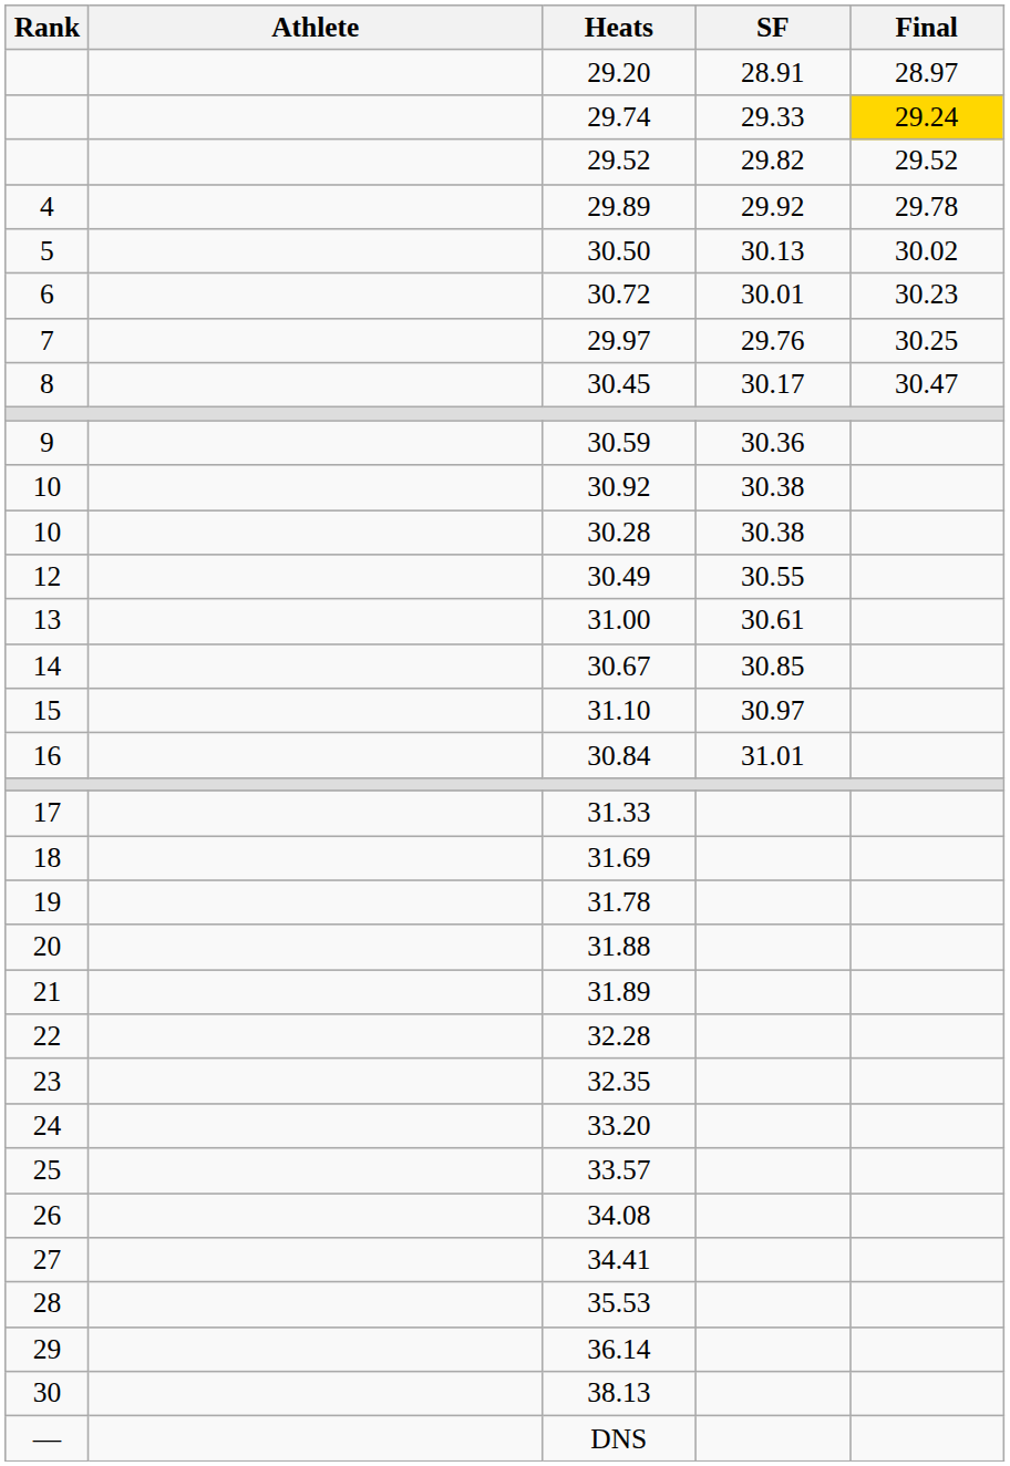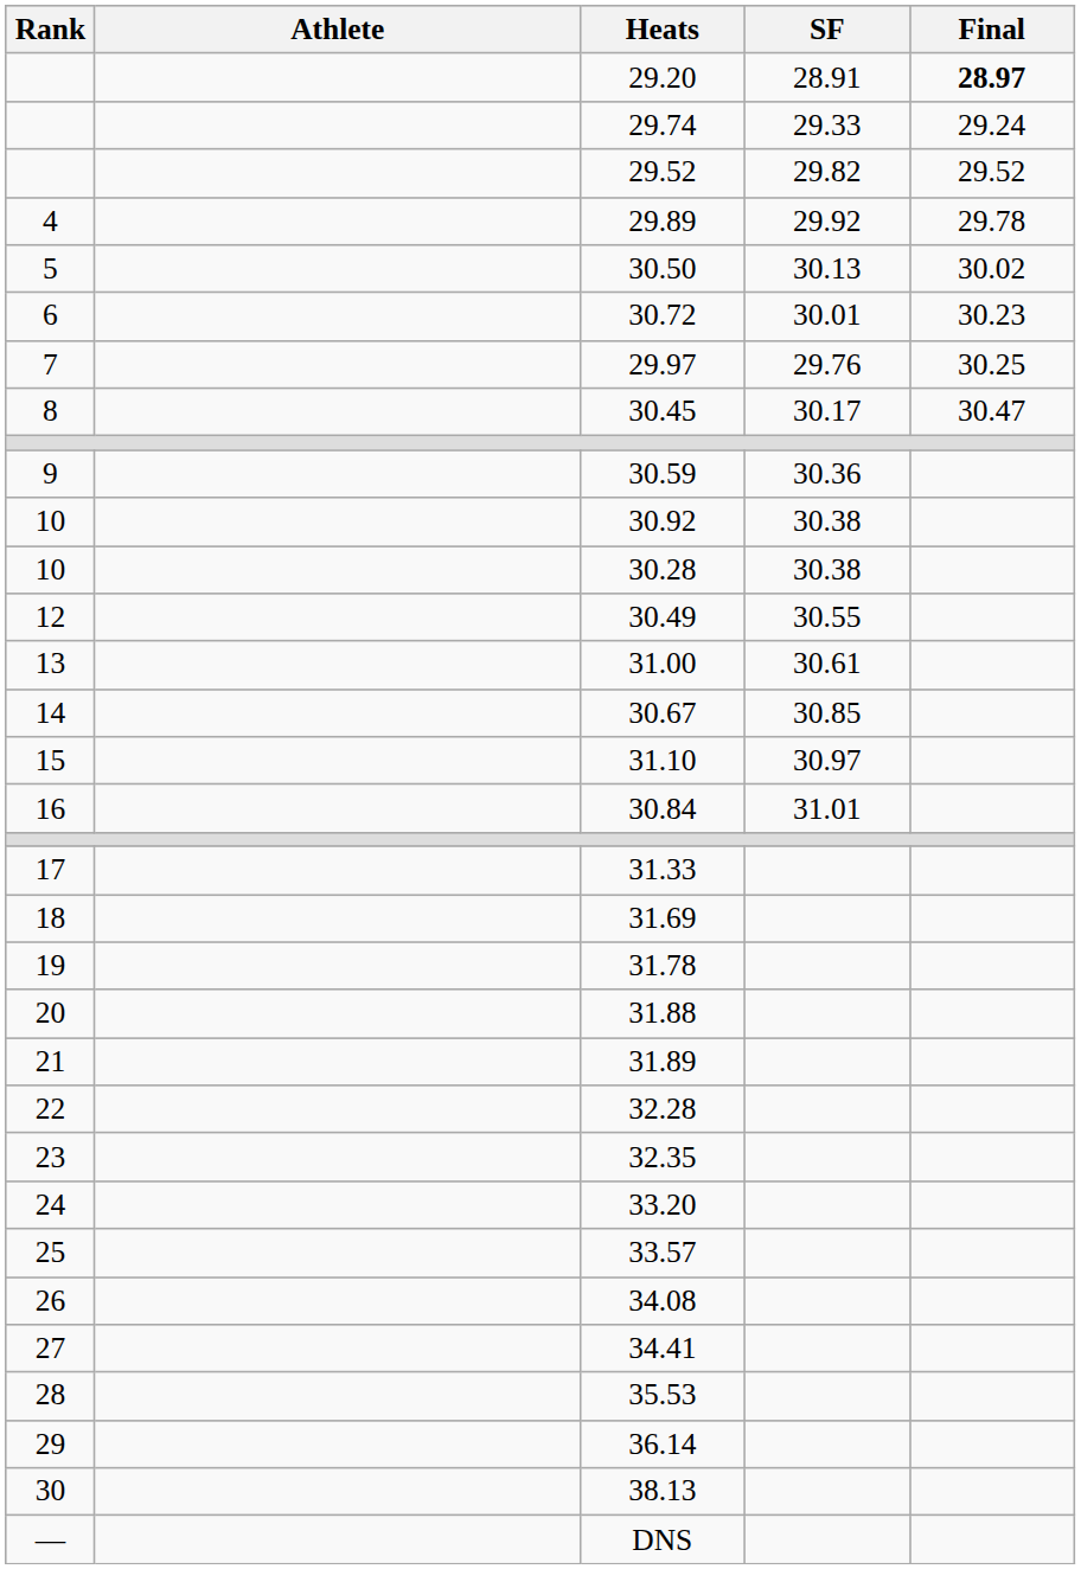 <table class=wikitable style="text-align:center">
 <tr>
 <th width=40>Rank</th>
 <th width=250>Athlete</th>
 <th width=80>Heats</th>
 <th width=80>SF</th>
 <th width=80>Final</th>
 </tr>
 <tr>
 <td></td>
 <td align=left></td>
 <td>29.20</td>
 <td>28.91</td>
-<td>28.97</td>
+<td><strong>28.97</strong></td>
 </tr>
 <tr>
 <td></td>
 <td align=left></td>
 <td>29.74</td>
 <td>29.33</td>
-<td style="background: gold;">29.24</td>
+<td>29.24</td>
 </tr>
 <tr>
 <td></td>
 <td align=left></td>
 <td>29.52</td>
 <td>29.82</td>
 <td>29.52</td>
 </tr>
 <tr>
 <td>4</td>
 <td align=left></td>
 <td>29.89</td>
 <td>29.92</td>
 <td>29.78</td>
 </tr>
 <tr>
 <td>5</td>
 <td align=left></td>
 <td>30.50</td>
 <td>30.13</td>
 <td>30.02</td>
 </tr>
 <tr>
 <td>6</td>
 <td align=left></td>
 <td>30.72</td>
 <td>30.01</td>
 <td>30.23</td>
 </tr>
 <tr>
 <td>7</td>
 <td align=left></td>
 <td>29.97</td>
 <td>29.76</td>
 <td>30.25</td>
 </tr>
 <tr>
 <td>8</td>
 <td align=left></td>
 <td>30.45</td>
 <td>30.17</td>
 <td>30.47</td>
 </tr>
 <tr bgcolor=#DDDDDD>
 <td colspan=5></td>
 </tr>
 <tr>
 <td>9</td>
 <td align=left></td>
 <td>30.59</td>
 <td>30.36</td>
 <td></td>
 </tr>
 <tr>
 <td>10</td>
 <td align=left></td>
 <td>30.92</td>
 <td>30.38</td>
 <td></td>
 </tr>
 <tr>
 <td>10</td>
 <td align=left></td>
 <td>30.28</td>
 <td>30.38</td>
 <td></td>
 </tr>
 <tr>
 <td>12</td>
 <td align=left></td>
 <td>30.49</td>
 <td>30.55</td>
 <td></td>
 </tr>
 <tr>
 <td>13</td>
 <td align=left></td>
 <td>31.00</td>
 <td>30.61</td>
 <td></td>
 </tr>
 <tr>
 <td>14</td>
 <td align=left></td>
 <td>30.67</td>
 <td>30.85</td>
 <td></td>
 </tr>
 <tr>
 <td>15</td>
 <td align=left></td>
 <td>31.10</td>
 <td>30.97</td>
 <td></td>
 </tr>
 <tr>
 <td>16</td>
 <td align=left></td>
 <td>30.84</td>
 <td>31.01</td>
 <td></td>
 </tr>
 <tr bgcolor=#DDDDDD>
 <td colspan=5></td>
 </tr>
 <tr>
 <td>17</td>
 <td align=left></td>
 <td>31.33</td>
 <td></td>
 <td></td>
 </tr>
 <tr>
 <td>18</td>
 <td align=left></td>
 <td>31.69</td>
 <td></td>
 <td></td>
 </tr>
 <tr>
 <td>19</td>
 <td align=left></td>
 <td>31.78</td>
 <td></td>
 <td></td>
 </tr>
 <tr>
 <td>20</td>
 <td align=left></td>
 <td>31.88</td>
 <td></td>
 <td></td>
 </tr>
 <tr>
 <td>21</td>
 <td align=left></td>
 <td>31.89</td>
 <td></td>
 <td></td>
 </tr>
 <tr>
 <td>22</td>
 <td align=left></td>
 <td>32.28</td>
 <td></td>
 <td></td>
 </tr>
 <tr>
 <td>23</td>
 <td align=left></td>
 <td>32.35</td>
 <td></td>
 <td></td>
 </tr>
 <tr>
 <td>24</td>
 <td align=left></td>
 <td>33.20</td>
 <td></td>
 <td></td>
 </tr>
 <tr>
 <td>25</td>
 <td align=left></td>
 <td>33.57</td>
 <td></td>
 <td></td>
 </tr>
 <tr>
 <td>26</td>
 <td align=left></td>
 <td>34.08</td>
 <td></td>
 <td></td>
 </tr>
 <tr>
 <td>27</td>
 <td align=left></td>
 <td>34.41</td>
 <td></td>
 <td></td>
 </tr>
 <tr>
 <td>28</td>
 <td align=left></td>
 <td>35.53</td>
 <td></td>
 <td></td>
 </tr>
 <tr>
 <td>29</td>
 <td align=left></td>
 <td>36.14</td>
 <td></td>
 <td></td>
 </tr>
 <tr>
 <td>30</td>
 <td align=left></td>
 <td>38.13</td>
 <td></td>
 <td></td>
 </tr>
 <tr>
 <td>—</td>
 <td align=left></td>
 <td>DNS</td>
 <td></td>
 <td></td>
 </tr>
 </table>
